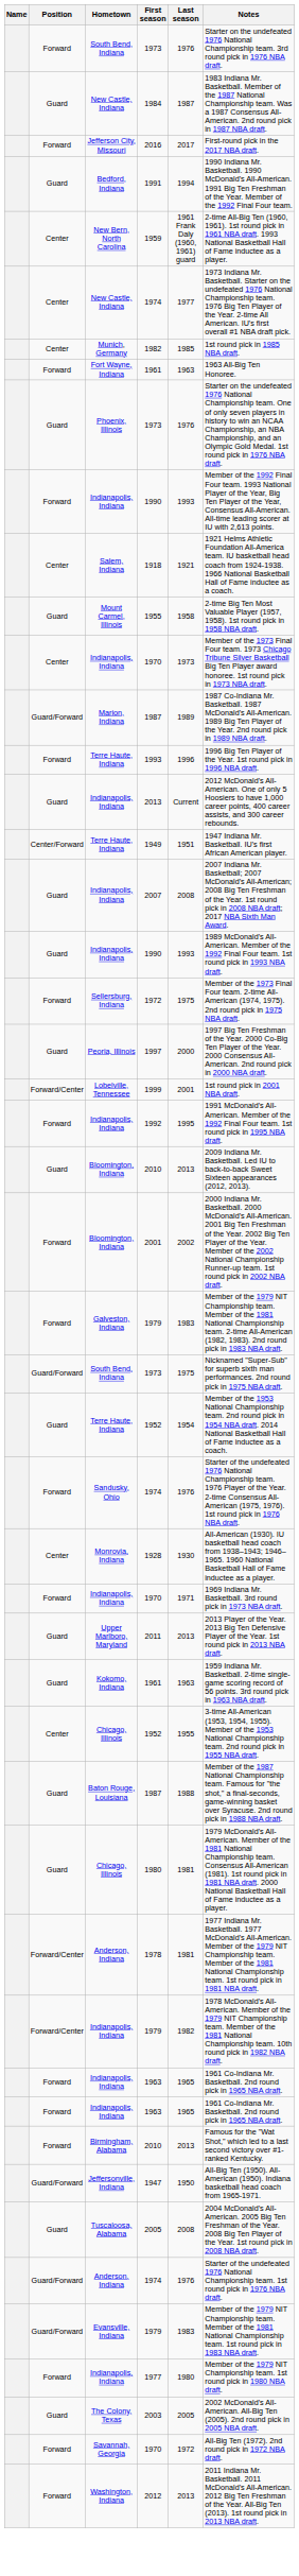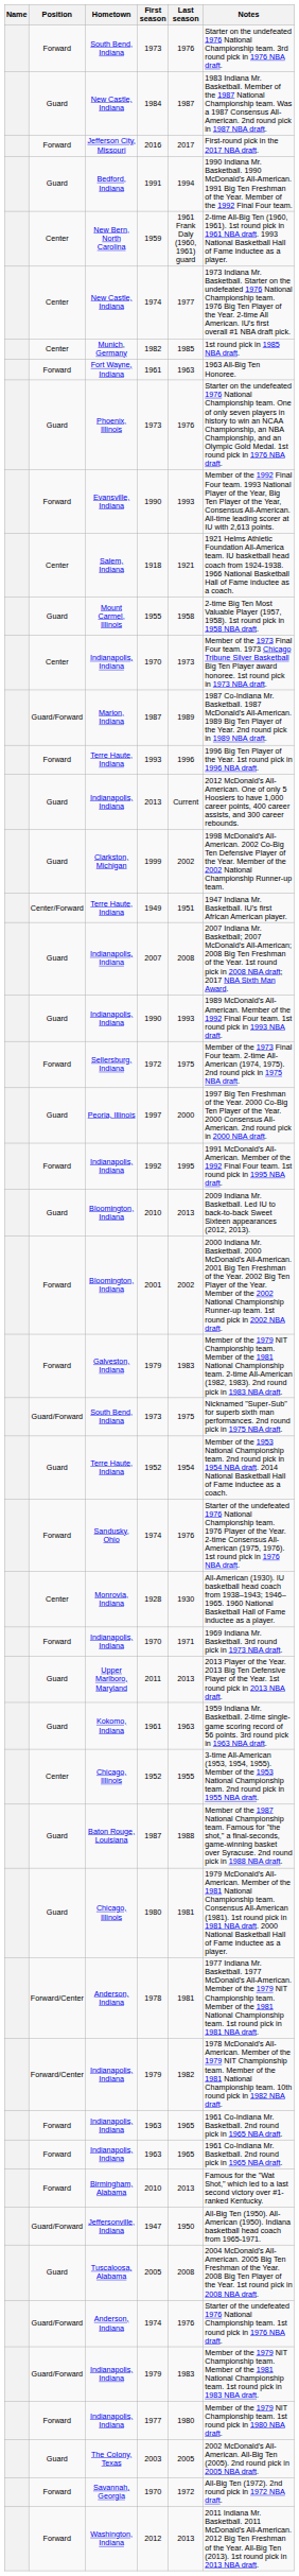 <table class="wikitable sortable" style="text-align:center">
 <tr>
 <th scope="col" ! scope="col" !>Name</th>
 <th scope="col" ! scope="col" !>Position</th>
 <th scope="col" ! scope="col" !>Hometown</th>
 <th scope="col" ! scope="col" !>First season</th>
 <th scope="col" ! scope="col" !>Last season</th>
 <th scope="col" ! scope="col" !>Notes</th>
 </tr>
 <tr>
 <th scope="row"></th>
 <td align="center">Forward</td>
 <td align="center"><a href='#'>South Bend, Indiana</a></td>
 <td align="center">1973</td>
 <td align="center">1976</td>
 <td align="left">Starter on the undefeated <a href='#'>1976</a> National Championship team. 3rd round pick in <a href='#'>1976 NBA draft</a>.</td>
 </tr>
 <tr>
 <th scope="row"></th>
 <td align="center">Guard</td>
 <td align="center"><a href='#'>New Castle, Indiana</a></td>
 <td align="center">1984</td>
 <td align="center">1987</td>
 <td align="left">1983 Indiana Mr. Basketball. Member of the <a href='#'>1987</a> National Championship team. Was a 1987 Consensus All-American. 2nd round pick in <a href='#'>1987 NBA draft</a>.</td>
 </tr>
 <tr>
 <th scope="row"></th>
 <td align="center">Forward</td>
 <td align="center"><a href='#'>Jefferson City, Missouri</a></td>
 <td align="center">2016</td>
 <td align="center">2017</td>
 <td align="left">First-round pick in the <a href='#'>2017 NBA draft</a>.</td>
 </tr>
 <tr>
 <th scope="row"></th>
 <td align="center">Guard</td>
 <td align="center"><a href='#'>Bedford, Indiana</a></td>
 <td align="center">1991</td>
 <td align="center">1994</td>
 <td align="left">1990 Indiana Mr. Basketball. 1990 McDonald's All-American. 1991 Big Ten Freshman of the Year. Member of the <a href='#'>1992</a> Final Four team.</td>
 </tr>
 <tr>
 <th scope="row"></th>
 <td align="center">Center</td>
 <td align="center"><a href='#'>New Bern, North Carolina</a></td>
 <td align="center">1959</td>
 <td align="center">1961  Frank Daly (1960, 1961) guard</td>
 <td align="left">2-time All-Big Ten (1960, 1961). 1st round pick in <a href='#'>1961 NBA draft</a>. 1993 National Basketball Hall of Fame inductee as a player.</td>
 </tr>
 <tr>
 <th scope="row"></th>
 <td align="center">Center</td>
 <td align="center"><a href='#'>New Castle, Indiana</a></td>
 <td align="center">1974</td>
 <td align="center">1977</td>
 <td align="left">1973 Indiana Mr. Basketball. Starter on the undefeated <a href='#'>1976</a> National Championship team. 1976 Big Ten Player of the Year. 2-time All American. IU's first overall #1 NBA draft pick.</td>
 </tr>
 <tr>
 <th scope="row"></th>
 <td align="center">Center</td>
 <td align="center"><a href='#'>Munich</a>, <a href='#'>Germany</a></td>
 <td align="center">1982</td>
 <td align="center">1985</td>
 <td align="left">1st round pick in <a href='#'>1985 NBA draft</a>.</td>
 </tr>
 <tr>
 <th scope="row"></th>
 <td align="center">Forward</td>
 <td align="center"><a href='#'>Fort Wayne, Indiana</a></td>
 <td align="center">1961</td>
 <td align="center">1963</td>
 <td align="left">1963 All-Big Ten Honoree.</td>
 </tr>
 <tr>
 <th scope="row"></th>
 <td align="center">Guard</td>
 <td align="center"><a href='#'>Phoenix, Illinois</a></td>
 <td align="center">1973</td>
 <td align="center">1976</td>
 <td align="left">Starter on the undefeated <a href='#'>1976</a> National Championship team. One of only seven players in history to win an NCAA Championship, an NBA Championship, and an Olympic Gold Medal. 1st round pick in <a href='#'>1976 NBA draft</a>.</td>
 </tr>
 <tr>
 <th scope="row"></th>
 <td align="center">Forward</td>
-<td align="center"><a href='#'>Indianapolis, Indiana</a></td>
+<td align="center"><a href='#'>Evansville, Indiana</a></td>
 <td align="center">1990</td>
 <td align="center">1993</td>
 <td align="left">Member of the <a href='#'>1992</a> Final Four team. 1993 National Player of the Year, Big Ten Player of the Year, Consensus All-American. All-time leading scorer at IU with 2,613 points.</td>
 </tr>
 <tr>
 <th scope="row"></th>
 <td align="center">Center</td>
 <td align="center"><a href='#'>Salem, Indiana</a></td>
 <td align="center">1918</td>
 <td align="center">1921</td>
 <td align="left">1921 Helms Athletic Foundation All-America team. IU basketball head coach from 1924-1938. 1966 National Basketball Hall of Fame inductee as a coach.</td>
 </tr>
 <tr>
 <th scope="row"></th>
 <td align="center">Guard</td>
 <td align="center"><a href='#'>Mount Carmel, Illinois</a></td>
 <td align="center">1955</td>
 <td align="center">1958</td>
 <td align="left">2-time Big Ten Most Valuable Player (1957, 1958). 1st round pick in <a href='#'>1958 NBA draft</a>.</td>
 </tr>
 <tr>
 <th scope="row"></th>
 <td align="center">Center</td>
 <td align="center"><a href='#'>Indianapolis, Indiana</a></td>
 <td align="center">1970</td>
 <td align="center">1973</td>
 <td align="left">Member of the <a href='#'>1973</a> Final Four team. 1973 <a href='#'>Chicago Tribune Silver Basketball</a> Big Ten Player award honoree. 1st round pick in <a href='#'>1973 NBA draft</a>.</td>
 </tr>
 <tr>
 <th scope="row"></th>
 <td align="center">Guard/Forward</td>
 <td align="center"><a href='#'>Marion, Indiana</a></td>
 <td align="center">1987</td>
 <td align="center">1989</td>
 <td align="left">1987 Co-Indiana Mr. Basketball. 1987 McDonald's All-American. 1989 Big Ten Player of the Year. 2nd round pick in <a href='#'>1989 NBA draft</a>.</td>
 </tr>
 <tr>
 <th scope="row"></th>
 <td align="center">Forward</td>
 <td align="center"><a href='#'>Terre Haute, Indiana</a></td>
 <td align="center">1993</td>
 <td align="center">1996</td>
 <td align="left">1996 Big Ten Player of the Year. 1st round pick in <a href='#'>1996 NBA draft</a>.</td>
 </tr>
 <tr>
 <th scope="row"></th>
 <td align="center">Guard</td>
 <td align="center"><a href='#'>Indianapolis, Indiana</a></td>
 <td align="center">2013</td>
 <td align="center">Current</td>
 <td align="left">2012 McDonald's All-American. One of only 5 Hoosiers to have 1,000 career points, 400 career assists, and 300 career rebounds.</td>
 </tr>
 <tr>
 <th scope="row"></th>
+<td align="center">Guard</td>
+<td align="center"><a href='#'>Clarkston, Michigan</a></td>
+<td align="center">1999</td>
+<td align="center">2002</td>
+<td align="left">1998 McDonald's All-American. 2002 Co-Big Ten Defensive Player of the Year. Member of the <a href='#'>2002</a> National Championship Runner-up team.</td>
+</tr>
+<tr>
+<th scope="row"></th>
 <td align="center">Center/Forward</td>
 <td align="center"><a href='#'>Terre Haute, Indiana</a></td>
 <td align="center">1949</td>
 <td align="center">1951</td>
 <td align="left">1947 Indiana Mr. Basketball. IU's first African American player.</td>
 </tr>
 <tr>
 <th scope="row"></th>
 <td align="center">Guard</td>
 <td align="center"><a href='#'>Indianapolis, Indiana</a></td>
 <td align="center">2007</td>
 <td align="center">2008</td>
 <td align="left">2007 Indiana Mr. Basketball; 2007 McDonald's All-American; 2008 Big Ten Freshman of the Year. 1st round pick in <a href='#'>2008 NBA draft</a>; 2017 <a href='#'>NBA Sixth Man Award</a>.</td>
 </tr>
 <tr>
 <th scope="row"></th>
 <td align="center">Guard</td>
 <td align="center"><a href='#'>Indianapolis, Indiana</a></td>
 <td align="center">1990</td>
 <td align="center">1993</td>
 <td align="left">1989 McDonald's All-American. Member of the <a href='#'>1992</a> Final Four team. 1st round pick in <a href='#'>1993 NBA draft</a>.</td>
 </tr>
 <tr>
 <th scope="row"></th>
 <td align="center">Forward</td>
 <td align="center"><a href='#'>Sellersburg, Indiana</a></td>
 <td align="center">1972</td>
 <td align="center">1975</td>
 <td align="left">Member of the <a href='#'>1973</a> Final Four team. 2-time All-American (1974, 1975). 2nd round pick in <a href='#'>1975 NBA draft</a>.</td>
 </tr>
 <tr>
 <th scope="row"></th>
 <td align="center">Guard</td>
 <td align="center"><a href='#'>Peoria, Illinois</a></td>
 <td align="center">1997</td>
 <td align="center">2000</td>
 <td align="left">1997 Big Ten Freshman of the Year. 2000 Co-Big Ten Player of the Year. 2000 Consensus All-American. 2nd round pick in <a href='#'>2000 NBA draft</a>.</td>
-</tr>
-<tr>
-<th scope="row"></th>
-<td align="center">Forward/Center</td>
-<td align="center"><a href='#'>Lobelville, Tennessee</a></td>
-<td align="center">1999</td>
-<td align="center">2001</td>
-<td align="left">1st round pick in <a href='#'>2001 NBA draft</a>.</td>
 </tr>
 <tr>
 <th scope="row"></th>
 <td align="center">Forward</td>
 <td align="center"><a href='#'>Indianapolis, Indiana</a></td>
 <td align="center">1992</td>
 <td align="center">1995</td>
 <td align="left">1991 McDonald's All-American. Member of the <a href='#'>1992</a> Final Four team. 1st round pick in <a href='#'>1995 NBA draft</a>.</td>
 </tr>
 <tr>
 <th scope="row"></th>
 <td align="center">Guard</td>
 <td align="center"><a href='#'>Bloomington, Indiana</a></td>
 <td align="center">2010</td>
 <td align="center">2013</td>
 <td align="left">2009 Indiana Mr. Basketball. Led IU to back-to-back Sweet Sixteen appearances (2012, 2013).</td>
 </tr>
 <tr>
 <th scope="row"></th>
 <td align="center">Forward</td>
 <td align="center"><a href='#'>Bloomington, Indiana</a></td>
 <td align="center">2001</td>
 <td align="center">2002</td>
 <td align="left">2000 Indiana Mr. Basketball. 2000 McDonald's All-American. 2001 Big Ten Freshman of the Year. 2002 Big Ten Player of the Year. Member of the <a href='#'>2002</a> National Championship Runner-up team. 1st round pick in <a href='#'>2002 NBA draft</a>.</td>
 </tr>
 <tr>
 <th scope="row"></th>
 <td align="center">Forward</td>
 <td align="center"><a href='#'>Galveston, Indiana</a></td>
 <td align="center">1979</td>
 <td align="center">1983</td>
 <td align="left">Member of the <a href='#'>1979</a> NIT Championship team. Member of the <a href='#'>1981</a> National Championship team. 2-time All-American (1982, 1983). 2nd round pick in <a href='#'>1983 NBA draft</a>.</td>
 </tr>
 <tr>
 <th scope="row"></th>
 <td align="center">Guard/Forward</td>
 <td align="center"><a href='#'>South Bend, Indiana</a></td>
 <td align="center">1973</td>
 <td align="center">1975</td>
 <td align="left">Nicknamed "Super-Sub" for superb sixth man performances. 2nd round pick in <a href='#'>1975 NBA draft</a>.</td>
 </tr>
 <tr>
 <th scope="row"></th>
 <td align="center">Guard</td>
 <td align="center"><a href='#'>Terre Haute, Indiana</a></td>
 <td align="center">1952</td>
 <td align="center">1954</td>
 <td align="left">Member of the <a href='#'>1953</a> National Championship team. 2nd round pick in <a href='#'>1954 NBA draft</a>. 2014 National Basketball Hall of Fame inductee as a coach.</td>
 </tr>
 <tr>
 <th scope="row"></th>
 <td align="center">Forward</td>
 <td align="center"><a href='#'>Sandusky, Ohio</a></td>
 <td align="center">1974</td>
 <td align="center">1976</td>
 <td align="left">Starter of the undefeated <a href='#'>1976</a> National Championship team. 1976 Player of the Year. 2-time Consensus All-American (1975, 1976). 1st round pick in <a href='#'>1976 NBA draft</a>.</td>
 </tr>
 <tr>
 <th scope="row"></th>
 <td align="center">Center</td>
 <td align="center"><a href='#'>Monrovia, Indiana</a></td>
 <td align="center">1928</td>
 <td align="center">1930</td>
 <td align="left">All-American (1930). IU basketball head coach from 1938–1943; 1946–1965. 1960 National Basketball Hall of Fame inductee as a player.</td>
 </tr>
 <tr>
 <th scope="row"></th>
 <td align="center">Forward</td>
 <td align="center"><a href='#'>Indianapolis, Indiana</a></td>
 <td align="center">1970</td>
 <td align="center">1971</td>
 <td align="left">1969 Indiana Mr. Basketball. 3rd round pick in <a href='#'>1973 NBA draft</a>.</td>
 </tr>
 <tr>
 <th scope="row"></th>
 <td align="center">Guard</td>
 <td align="center"><a href='#'>Upper Marlboro, Maryland</a></td>
 <td align="center">2011</td>
 <td align="center">2013</td>
 <td align="left">2013 Player of the Year. 2013 Big Ten Defensive Player of the Year. 1st round pick in <a href='#'>2013 NBA draft</a>.</td>
 </tr>
 <tr>
 <th scope="row"></th>
 <td align="center">Guard</td>
 <td align="center"><a href='#'>Kokomo, Indiana</a></td>
 <td align="center">1961</td>
 <td align="center">1963</td>
 <td align="left">1959 Indiana Mr. Basketball. 2-time single-game scoring record of 56 points. 3rd round pick in <a href='#'>1963 NBA draft</a>.</td>
 </tr>
 <tr>
 <th scope="row"></th>
 <td align="center">Center</td>
 <td align="center"><a href='#'>Chicago, Illinois</a></td>
 <td align="center">1952</td>
 <td align="center">1955</td>
 <td align="left">3-time All-American (1953, 1954, 1955). Member of the <a href='#'>1953</a> National Championship team. 2nd round pick in <a href='#'>1955 NBA draft</a>.</td>
 </tr>
 <tr>
 <th scope="row"></th>
 <td align="center">Guard</td>
 <td align="center"><a href='#'>Baton Rouge, Louisiana</a></td>
 <td align="center">1987</td>
 <td align="center">1988</td>
 <td align="left">Member of the <a href='#'>1987</a> National Championship team. Famous for "the shot," a final-seconds, game-winning basket over Syracuse. 2nd round pick in <a href='#'>1988 NBA draft</a>.</td>
 </tr>
 <tr>
 <th scope="row"></th>
 <td align="center">Guard</td>
 <td align="center"><a href='#'>Chicago, Illinois</a></td>
 <td align="center">1980</td>
 <td align="center">1981</td>
 <td align="left">1979 McDonald's All-American. Member of the <a href='#'>1981</a> National Championship team. Consensus All-American (1981). 1st round pick in <a href='#'>1981 NBA draft</a>. 2000 National Basketball Hall of Fame inductee as a player.</td>
 </tr>
 <tr>
 <th scope="row"></th>
 <td align="center">Forward/Center</td>
 <td align="center"><a href='#'>Anderson, Indiana</a></td>
 <td align="center">1978</td>
 <td align="center">1981</td>
 <td align="left">1977 Indiana Mr. Basketball. 1977 McDonald's All-American. Member of the <a href='#'>1979</a> NIT Championship team. Member of the <a href='#'>1981</a> National Championship team.  1st round pick in <a href='#'>1981 NBA draft</a>.</td>
 </tr>
 <tr>
 <th scope="row"></th>
 <td align="center">Forward/Center</td>
 <td align="center"><a href='#'>Indianapolis, Indiana</a></td>
 <td align="center">1979</td>
 <td align="center">1982</td>
 <td align="left">1978 McDonald's All-American. Member of the <a href='#'>1979</a> NIT Championship team. Member of the <a href='#'>1981</a> National Championship team. 10th round pick in <a href='#'>1982 NBA draft</a>.</td>
 </tr>
 <tr>
 <th scope="row"></th>
 <td align="center">Forward</td>
 <td align="center"><a href='#'>Indianapolis, Indiana</a></td>
 <td align="center">1963</td>
 <td align="center">1965</td>
 <td align="left">1961 Co-Indiana Mr. Basketball. 2nd round pick in <a href='#'>1965 NBA draft</a>.</td>
 </tr>
 <tr>
 <th scope="row"></th>
 <td align="center">Forward</td>
 <td align="center"><a href='#'>Indianapolis, Indiana</a></td>
 <td align="center">1963</td>
 <td align="center">1965</td>
 <td align="left">1961 Co-Indiana Mr. Basketball. 2nd round pick in <a href='#'>1965 NBA draft</a>.</td>
 </tr>
 <tr>
 <th scope="row"></th>
 <td align="center">Forward</td>
 <td align="center"><a href='#'>Birmingham, Alabama</a></td>
 <td align="center">2010</td>
 <td align="center">2013</td>
 <td align="left">Famous for the "Wat Shot," which led to a last second victory over #1-ranked Kentucky.</td>
 </tr>
 <tr>
 <th scope="row"></th>
 <td align="center">Guard/Forward</td>
 <td align="center"><a href='#'>Jeffersonville, Indiana</a></td>
 <td align="center">1947</td>
 <td align="center">1950</td>
 <td align="left">All-Big Ten (1950). All-American (1950). Indiana basketball head coach from 1965-1971.</td>
 </tr>
 <tr>
 <th scope="row"></th>
 <td align="center">Guard</td>
 <td align="center"><a href='#'>Tuscaloosa, Alabama</a></td>
 <td align="center">2005</td>
 <td align="center">2008</td>
 <td align="left">2004 McDonald's All-American. 2005 Big Ten Freshman of the Year. 2008 Big Ten Player of the Year. 1st round pick in <a href='#'>2008 NBA draft</a>.</td>
 </tr>
 <tr>
 <th scope="row"></th>
 <td align="center">Guard/Forward</td>
 <td align="center"><a href='#'>Anderson, Indiana</a></td>
 <td align="center">1974</td>
 <td align="center">1976</td>
 <td align="left">Starter of the undefeated <a href='#'>1976</a> National Championship team. 1st round pick in <a href='#'>1976 NBA draft</a>.</td>
 </tr>
 <tr>
 <th scope="row"></th>
 <td align="center">Guard/Forward</td>
-<td align="center"><a href='#'>Evansville, Indiana</a></td>
+<td align="center"><a href='#'>Indianapolis, Indiana</a></td>
 <td align="center">1979</td>
 <td align="center">1983</td>
 <td align="left">Member of the <a href='#'>1979</a> NIT Championship team. Member of the <a href='#'>1981</a> National Championship team. 1st round pick in <a href='#'>1983 NBA draft</a>.</td>
 </tr>
 <tr>
 <th scope="row"></th>
 <td align="center">Forward</td>
 <td align="center"><a href='#'>Indianapolis, Indiana</a></td>
 <td align="center">1977</td>
 <td align="center">1980</td>
 <td align="left">Member of the <a href='#'>1979</a> NIT Championship team. 1st round pick in <a href='#'>1980 NBA draft</a>.</td>
 </tr>
 <tr>
 <th scope="row"></th>
 <td align="center">Guard</td>
 <td align="center"><a href='#'>The Colony, Texas</a></td>
 <td align="center">2003</td>
 <td align="center">2005</td>
 <td align="left">2002 McDonald's All-American. All-Big Ten (2005). 2nd round pick in <a href='#'>2005 NBA draft</a>.</td>
 </tr>
 <tr>
 <th scope="row"></th>
 <td align="center">Forward</td>
 <td align="center"><a href='#'>Savannah, Georgia</a></td>
 <td align="center">1970</td>
 <td align="center">1972</td>
 <td align="left">All-Big Ten (1972). 2nd round pick in <a href='#'>1972 NBA draft</a>.</td>
 </tr>
 <tr>
 <th scope="row"></th>
 <td align="center">Forward</td>
 <td align="center"><a href='#'>Washington, Indiana</a></td>
 <td align="center">2012</td>
 <td align="center">2013</td>
 <td align="left">2011 Indiana Mr. Basketball. 2011 McDonald's All-American.  2012 Big Ten Freshman of the Year. All-Big Ten (2013). 1st round pick in <a href='#'>2013 NBA draft</a>.</td>
 </tr>
 </table>
